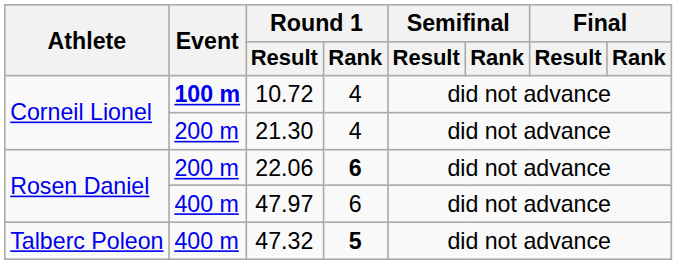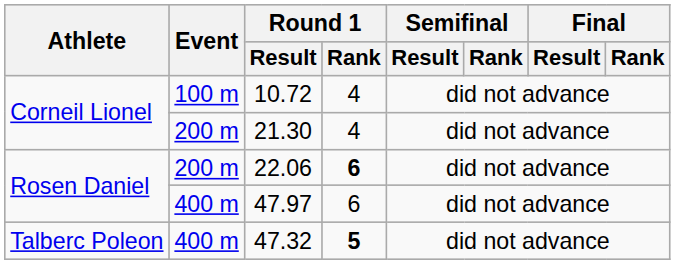 <table class=wikitable style="font-size:90%">
 <tr>
 <th rowspan="2">Athlete</th>
 <th rowspan="2">Event</th>
 <th colspan="2">Round 1</th>
 <th colspan="2">Semifinal</th>
 <th colspan="2">Final</th>
 </tr>
 <tr style="font-size:95%">
 <th>Result</th>
 <th>Rank</th>
 <th>Result</th>
 <th>Rank</th>
 <th>Result</th>
 <th>Rank</th>
 </tr>
 <tr align=center>
 <td align=left rowspan="2"><a href='#'>Corneil Lionel</a></td>
-<td align=left><strong><a href='#'>100 m</a></strong></td>
+<td align=left><a href='#'>100 m</a></td>
 <td>10.72</td>
 <td>4</td>
 <td colspan=4>did not advance</td>
 </tr>
 <tr align=center>
 <td align=left><a href='#'>200 m</a></td>
 <td>21.30</td>
 <td>4</td>
 <td colspan=4>did not advance</td>
 </tr>
 <tr align=center>
 <td align=left rowspan="2"><a href='#'>Rosen Daniel</a></td>
 <td align=left><a href='#'>200 m</a></td>
 <td>22.06</td>
 <td><strong>6</strong></td>
 <td colspan=4>did not advance</td>
 </tr>
 <tr align=center>
 <td align=left><a href='#'>400 m</a></td>
 <td>47.97</td>
 <td>6</td>
 <td colspan=4>did not advance</td>
 </tr>
 <tr align=center>
 <td align=left><a href='#'>Talberc Poleon</a></td>
 <td align=left><a href='#'>400 m</a></td>
 <td>47.32</td>
 <td><strong>5</strong></td>
 <td colspan=4>did not advance</td>
 </tr>
 </table>
